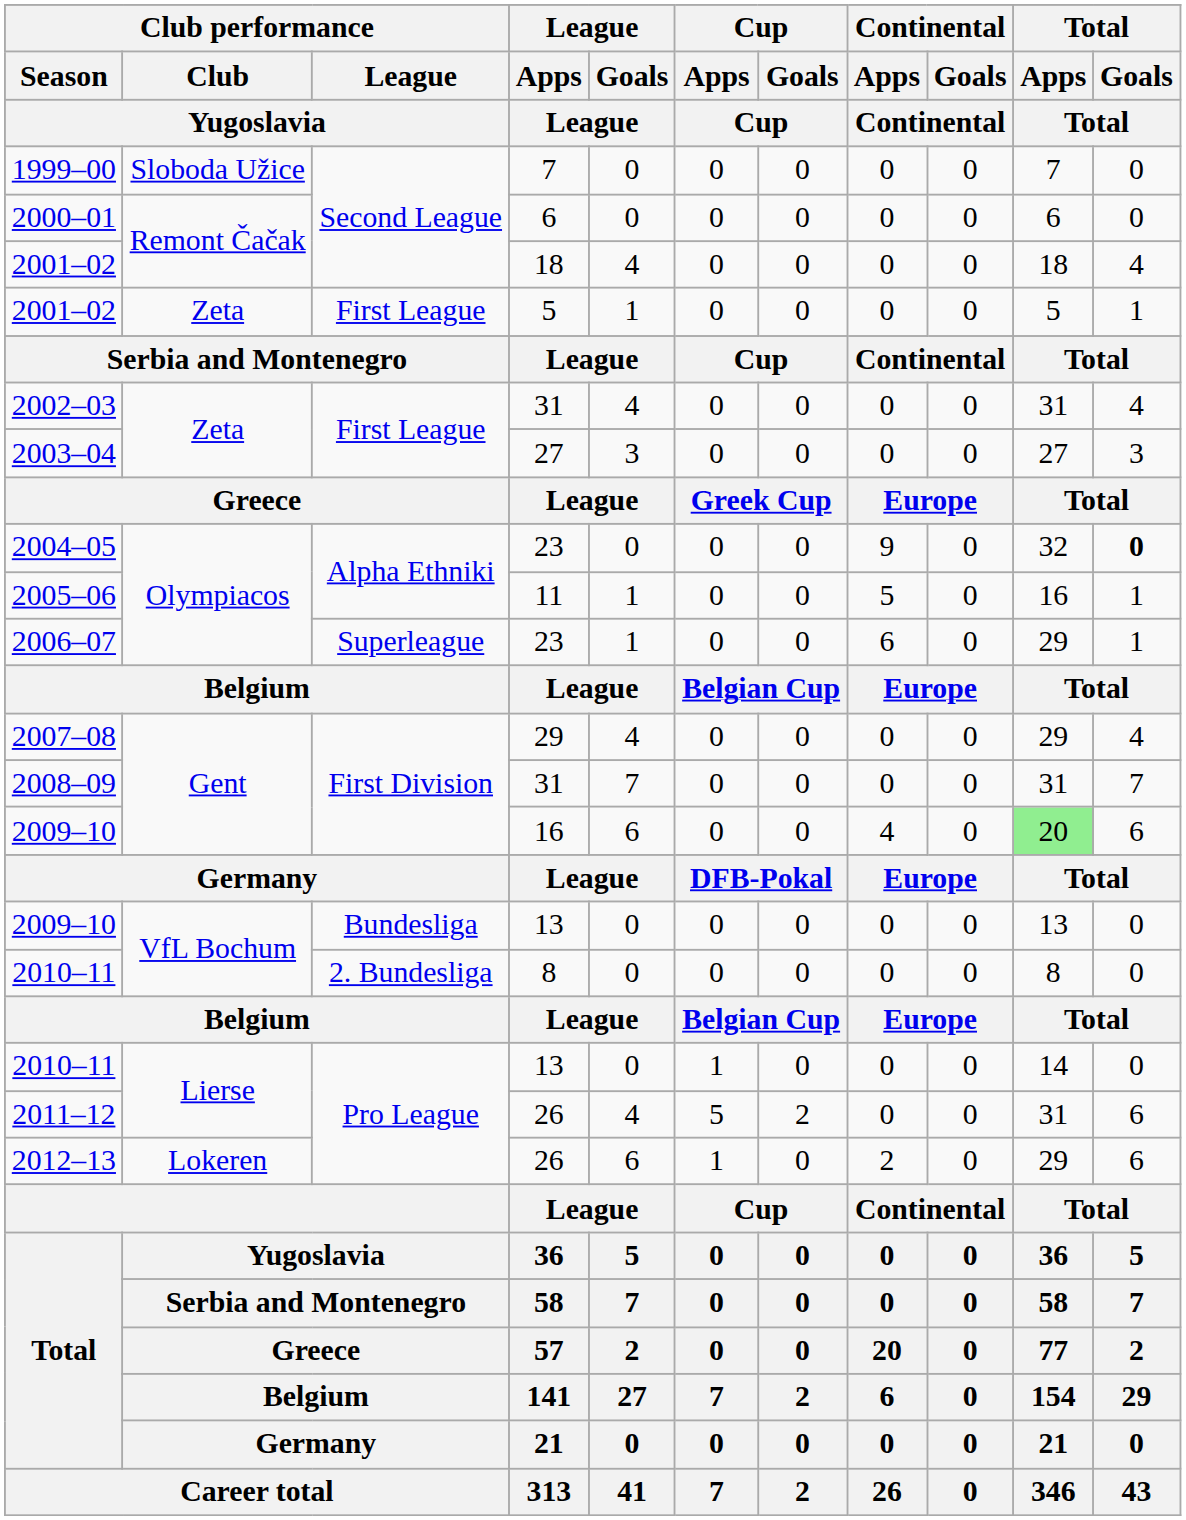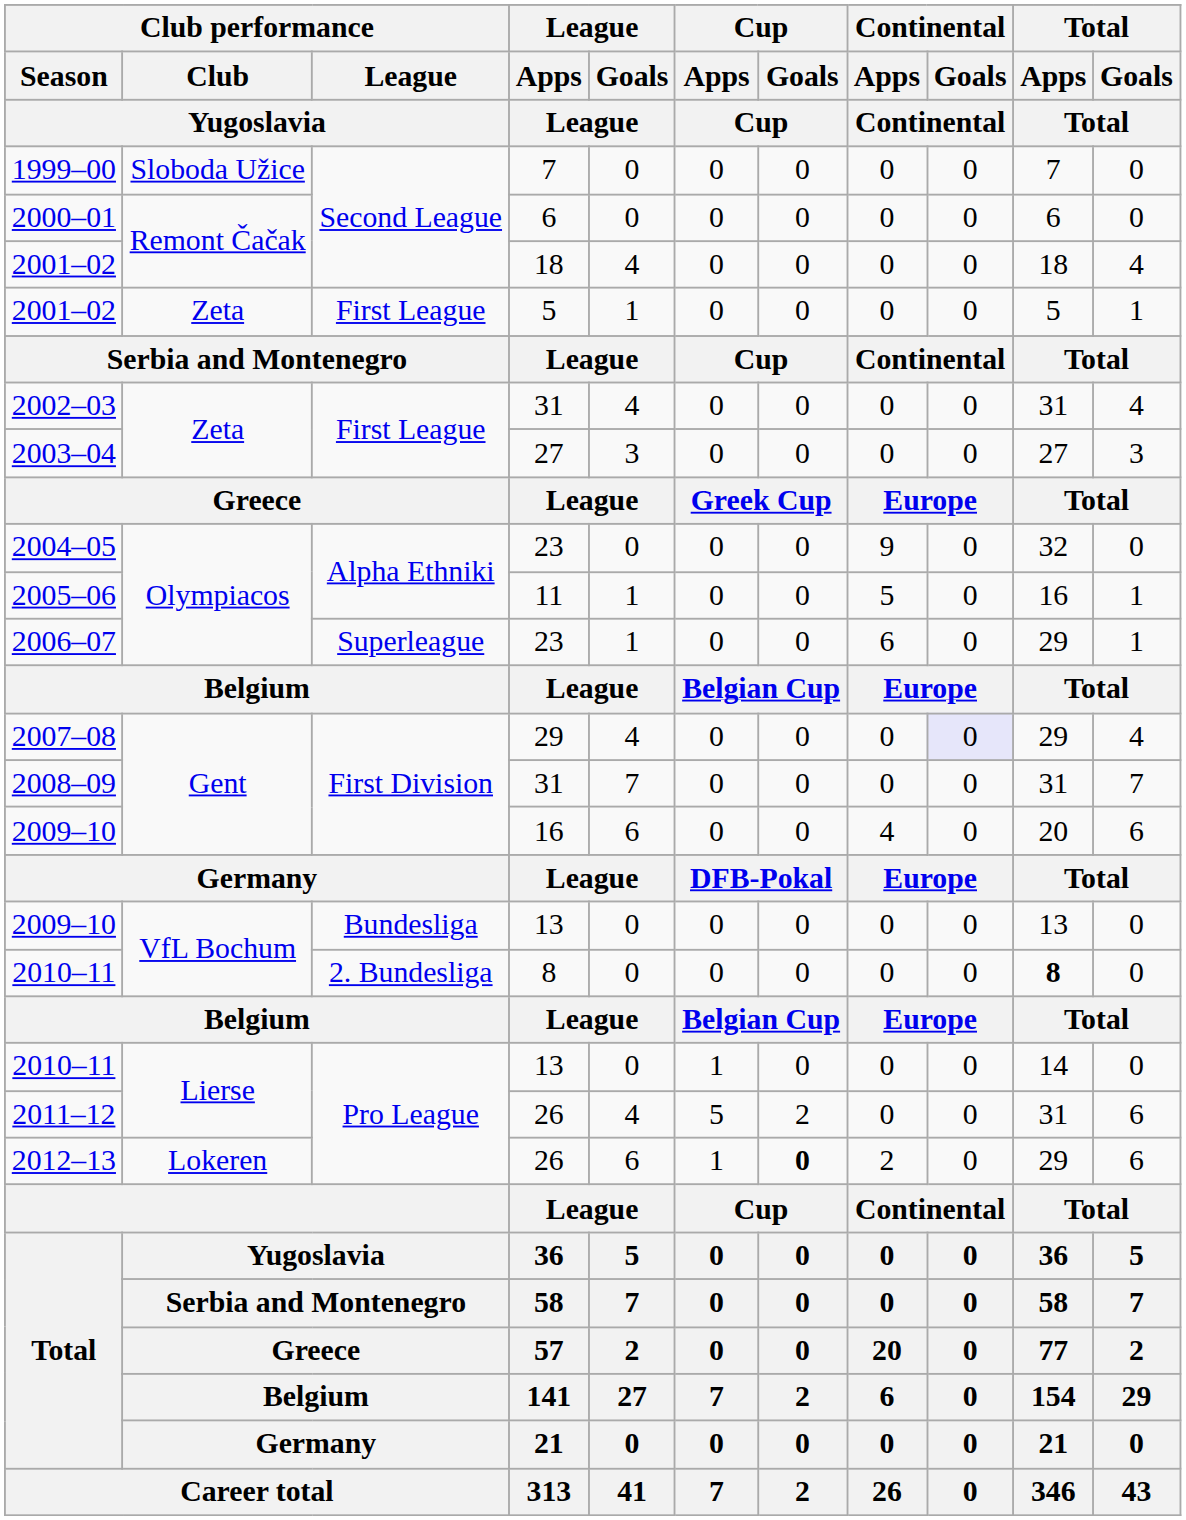 <table class="wikitable" style="text-align:center">
 <tr>
 <th colspan=3>Club performance</th>
 <th colspan=2>League</th>
 <th colspan=2>Cup</th>
 <th colspan=2>Continental</th>
 <th colspan=2>Total</th>
 </tr>
 <tr>
 <th>Season</th>
 <th>Club</th>
 <th>League</th>
 <th>Apps</th>
 <th>Goals</th>
 <th>Apps</th>
 <th>Goals</th>
 <th>Apps</th>
 <th>Goals</th>
 <th>Apps</th>
 <th>Goals</th>
 </tr>
 <tr>
 <th colspan=3>Yugoslavia</th>
 <th colspan=2>League</th>
 <th colspan=2>Cup</th>
 <th colspan=2>Continental</th>
 <th colspan=2>Total</th>
 </tr>
 <tr>
 <td><a href='#'>1999–00</a></td>
 <td><a href='#'>Sloboda Užice</a></td>
 <td rowspan="3"><a href='#'>Second League</a></td>
 <td>7</td>
 <td>0</td>
 <td>0</td>
 <td>0</td>
 <td>0</td>
 <td>0</td>
 <td>7</td>
 <td>0</td>
 </tr>
 <tr>
 <td><a href='#'>2000–01</a></td>
 <td rowspan="2"><a href='#'>Remont Čačak</a></td>
 <td>6</td>
 <td>0</td>
 <td>0</td>
 <td>0</td>
 <td>0</td>
 <td>0</td>
 <td>6</td>
 <td>0</td>
 </tr>
 <tr>
 <td><a href='#'>2001–02</a></td>
 <td>18</td>
 <td>4</td>
 <td>0</td>
 <td>0</td>
 <td>0</td>
 <td>0</td>
 <td>18</td>
 <td>4</td>
 </tr>
 <tr>
 <td><a href='#'>2001–02</a></td>
 <td><a href='#'>Zeta</a></td>
 <td><a href='#'>First League</a></td>
 <td>5</td>
 <td>1</td>
 <td>0</td>
 <td>0</td>
 <td>0</td>
 <td>0</td>
 <td>5</td>
 <td>1</td>
 </tr>
 <tr>
 <th colspan=3>Serbia and Montenegro</th>
 <th colspan=2>League</th>
 <th colspan=2>Cup</th>
 <th colspan=2>Continental</th>
 <th colspan=2>Total</th>
 </tr>
 <tr>
 <td><a href='#'>2002–03</a></td>
 <td rowspan="2"><a href='#'>Zeta</a></td>
 <td rowspan="2"><a href='#'>First League</a></td>
 <td>31</td>
 <td>4</td>
 <td>0</td>
 <td>0</td>
 <td>0</td>
 <td>0</td>
 <td>31</td>
 <td>4</td>
 </tr>
 <tr>
 <td><a href='#'>2003–04</a></td>
 <td>27</td>
 <td>3</td>
 <td>0</td>
 <td>0</td>
 <td>0</td>
 <td>0</td>
 <td>27</td>
 <td>3</td>
 </tr>
 <tr>
 <th colspan=3>Greece</th>
 <th colspan=2>League</th>
 <th colspan=2><a href='#'>Greek Cup</a></th>
 <th colspan=2><a href='#'>Europe</a></th>
 <th colspan=2>Total</th>
 </tr>
 <tr>
 <td><a href='#'>2004–05</a></td>
 <td rowspan="3"><a href='#'>Olympiacos</a></td>
 <td rowspan="2"><a href='#'>Alpha Ethniki</a></td>
 <td>23</td>
 <td>0</td>
 <td>0</td>
 <td>0</td>
 <td>9</td>
 <td>0</td>
 <td>32</td>
-<td><strong>0</strong></td>
+<td>0</td>
 </tr>
 <tr>
 <td><a href='#'>2005–06</a></td>
 <td>11</td>
 <td>1</td>
 <td>0</td>
 <td>0</td>
 <td>5</td>
 <td>0</td>
 <td>16</td>
 <td>1</td>
 </tr>
 <tr>
 <td><a href='#'>2006–07</a></td>
 <td><a href='#'>Superleague</a></td>
 <td>23</td>
 <td>1</td>
 <td>0</td>
 <td>0</td>
 <td>6</td>
 <td>0</td>
 <td>29</td>
 <td>1</td>
 </tr>
 <tr>
 <th colspan=3>Belgium</th>
 <th colspan=2>League</th>
 <th colspan=2><a href='#'>Belgian Cup</a></th>
 <th colspan=2><a href='#'>Europe</a></th>
 <th colspan=2>Total</th>
 </tr>
 <tr>
 <td><a href='#'>2007–08</a></td>
 <td rowspan="3"><a href='#'>Gent</a></td>
 <td rowspan="3"><a href='#'>First Division</a></td>
 <td>29</td>
 <td>4</td>
 <td>0</td>
 <td>0</td>
 <td>0</td>
-<td>0</td>
+<td style="background: lavender;">0</td>
 <td>29</td>
 <td>4</td>
 </tr>
 <tr>
 <td><a href='#'>2008–09</a></td>
 <td>31</td>
 <td>7</td>
 <td>0</td>
 <td>0</td>
 <td>0</td>
 <td>0</td>
 <td>31</td>
 <td>7</td>
 </tr>
 <tr>
 <td><a href='#'>2009–10</a></td>
 <td>16</td>
 <td>6</td>
 <td>0</td>
 <td>0</td>
 <td>4</td>
 <td>0</td>
-<td style="background: lightgreen;">20</td>
+<td>20</td>
 <td>6</td>
 </tr>
 <tr>
 <th colspan=3>Germany</th>
 <th colspan=2>League</th>
 <th colspan=2><a href='#'>DFB-Pokal</a></th>
 <th colspan=2><a href='#'>Europe</a></th>
 <th colspan=2>Total</th>
 </tr>
 <tr>
 <td><a href='#'>2009–10</a></td>
 <td rowspan="2"><a href='#'>VfL Bochum</a></td>
 <td><a href='#'>Bundesliga</a></td>
 <td>13</td>
 <td>0</td>
 <td>0</td>
 <td>0</td>
 <td>0</td>
 <td>0</td>
 <td>13</td>
 <td>0</td>
 </tr>
 <tr>
 <td><a href='#'>2010–11</a></td>
 <td><a href='#'>2. Bundesliga</a></td>
 <td>8</td>
 <td>0</td>
 <td>0</td>
 <td>0</td>
 <td>0</td>
 <td>0</td>
-<td>8</td>
+<td><strong>8</strong></td>
 <td>0</td>
 </tr>
 <tr>
 <th colspan=3>Belgium</th>
 <th colspan=2>League</th>
 <th colspan=2><a href='#'>Belgian Cup</a></th>
 <th colspan=2><a href='#'>Europe</a></th>
 <th colspan=2>Total</th>
 </tr>
 <tr>
 <td><a href='#'>2010–11</a></td>
 <td rowspan="2"><a href='#'>Lierse</a></td>
 <td rowspan="3"><a href='#'>Pro League</a></td>
 <td>13</td>
 <td>0</td>
 <td>1</td>
 <td>0</td>
 <td>0</td>
 <td>0</td>
 <td>14</td>
 <td>0</td>
 </tr>
 <tr>
 <td><a href='#'>2011–12</a></td>
 <td>26</td>
 <td>4</td>
 <td>5</td>
 <td>2</td>
 <td>0</td>
 <td>0</td>
 <td>31</td>
 <td>6</td>
 </tr>
 <tr>
 <td><a href='#'>2012–13</a></td>
 <td><a href='#'>Lokeren</a></td>
 <td>26</td>
 <td>6</td>
 <td>1</td>
-<td>0</td>
+<td><strong>0</strong></td>
 <td>2</td>
 <td>0</td>
 <td>29</td>
 <td>6</td>
 </tr>
 <tr>
 <th colspan=3></th>
 <th colspan=2>League</th>
 <th colspan=2>Cup</th>
 <th colspan=2>Continental</th>
 <th colspan=2>Total</th>
 </tr>
 <tr>
 <th rowspan=5>Total</th>
 <th colspan=2>Yugoslavia</th>
 <th>36</th>
 <th>5</th>
 <th>0</th>
 <th>0</th>
 <th>0</th>
 <th>0</th>
 <th>36</th>
 <th>5</th>
 </tr>
 <tr>
 <th colspan=2>Serbia and Montenegro</th>
 <th>58</th>
 <th>7</th>
 <th>0</th>
 <th>0</th>
 <th>0</th>
 <th>0</th>
 <th>58</th>
 <th>7</th>
 </tr>
 <tr>
 <th colspan=2>Greece</th>
 <th>57</th>
 <th>2</th>
 <th>0</th>
 <th>0</th>
 <th>20</th>
 <th>0</th>
 <th>77</th>
 <th>2</th>
 </tr>
 <tr>
 <th colspan=2>Belgium</th>
 <th>141</th>
 <th>27</th>
 <th>7</th>
 <th>2</th>
 <th>6</th>
 <th>0</th>
 <th>154</th>
 <th>29</th>
 </tr>
 <tr>
 <th colspan=2>Germany</th>
 <th>21</th>
 <th>0</th>
 <th>0</th>
 <th>0</th>
 <th>0</th>
 <th>0</th>
 <th>21</th>
 <th>0</th>
 </tr>
 <tr>
 <th colspan=3>Career total</th>
 <th>313</th>
 <th>41</th>
 <th>7</th>
 <th>2</th>
 <th>26</th>
 <th>0</th>
 <th>346</th>
 <th>43</th>
 </tr>
 </table>
